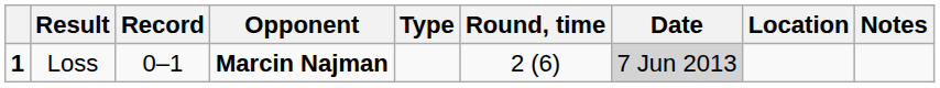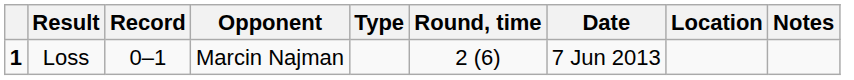 <table class="wikitable" style="text-align:center; font-size:95%">
 <tr>
 <th></th>
 <th>Result</th>
 <th>Record</th>
 <th>Opponent</th>
 <th>Type</th>
 <th>Round, time</th>
 <th>Date</th>
 <th>Location</th>
 <th>Notes</th>
 </tr>
 <tr>
 <td><strong>1</strong></td>
 <td>Loss</td>
 <td>0–1</td>
-<td style="text-align:left;"><strong> Marcin Najman</strong></td>
+<td style="text-align:left;"> Marcin Najman</td>
 <td></td>
 <td>2 (6)</td>
-<td style="background: lightgrey;">7 Jun 2013</td>
+<td>7 Jun 2013</td>
 <td style="text-align:left;"> </td>
 </tr>
 </table>
